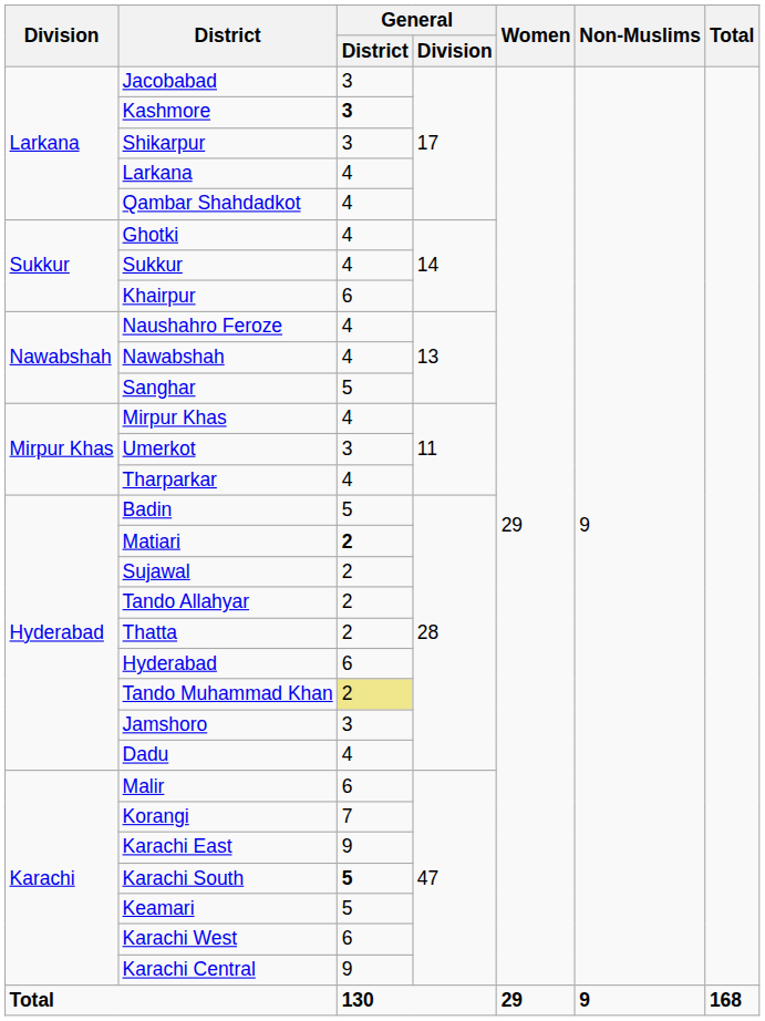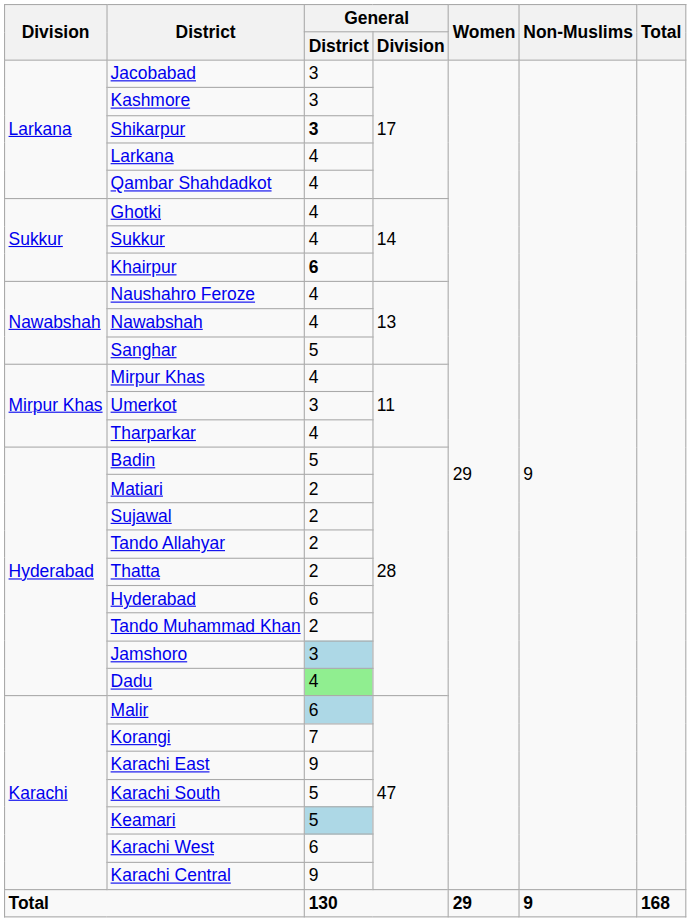 <table class="wikitable">
 <tr>
 <th rowspan="2">Division</th>
 <th rowspan="2">District</th>
 <th colspan="2">General</th>
 <th rowspan="2">Women</th>
 <th rowspan="2">Non-Muslims</th>
 <th rowspan="2"><strong>Total</strong></th>
 </tr>
 <tr>
 <th>District</th>
 <th>Division</th>
 </tr>
 <tr>
 <td rowspan="5"><a href='#'>Larkana</a></td>
 <td><a href='#'>Jacobabad</a></td>
 <td>3</td>
 <td rowspan="5">17</td>
 <td rowspan="30">29</td>
 <td rowspan="30">9</td>
 <td rowspan="30"></td>
 </tr>
 <tr>
 <td><a href='#'>Kashmore</a></td>
-<td><strong>3</strong></td>
+<td>3</td>
 </tr>
 <tr>
 <td><a href='#'>Shikarpur</a></td>
-<td>3</td>
+<td><strong>3</strong></td>
 </tr>
 <tr>
 <td><a href='#'>Larkana</a></td>
 <td>4</td>
 </tr>
 <tr>
 <td><a href='#'>Qambar Shahdadkot</a></td>
 <td>4</td>
 </tr>
 <tr>
 <td rowspan="3"><a href='#'>Sukkur</a></td>
 <td><a href='#'>Ghotki</a></td>
 <td>4</td>
 <td rowspan="3">14</td>
 </tr>
 <tr>
 <td><a href='#'>Sukkur</a></td>
 <td>4</td>
 </tr>
 <tr>
 <td><a href='#'>Khairpur</a></td>
-<td>6</td>
+<td><strong>6</strong></td>
 </tr>
 <tr>
 <td rowspan="3"><a href='#'>Nawabshah</a></td>
 <td><a href='#'>Naushahro Feroze</a></td>
 <td>4</td>
 <td rowspan="3">13</td>
 </tr>
 <tr>
 <td><a href='#'>Nawabshah</a></td>
 <td>4</td>
 </tr>
 <tr>
 <td><a href='#'>Sanghar</a></td>
 <td>5</td>
 </tr>
 <tr>
 <td rowspan="3"><a href='#'>Mirpur Khas</a></td>
 <td><a href='#'>Mirpur Khas</a></td>
 <td>4</td>
 <td rowspan="3">11</td>
 </tr>
 <tr>
 <td><a href='#'>Umerkot</a></td>
 <td>3</td>
 </tr>
 <tr>
 <td><a href='#'>Tharparkar</a></td>
 <td>4</td>
 </tr>
 <tr>
 <td rowspan="9"><a href='#'>Hyderabad</a></td>
 <td><a href='#'>Badin</a></td>
 <td>5</td>
 <td rowspan="9">28</td>
 </tr>
 <tr>
 <td><a href='#'>Matiari</a></td>
-<td><strong>2</strong></td>
+<td>2</td>
 </tr>
 <tr>
 <td><a href='#'>Sujawal</a></td>
 <td>2</td>
 </tr>
 <tr>
 <td><a href='#'>Tando Allahyar</a></td>
 <td>2</td>
 </tr>
 <tr>
 <td><a href='#'>Thatta</a></td>
 <td>2</td>
 </tr>
 <tr>
 <td><a href='#'>Hyderabad</a></td>
 <td>6</td>
 </tr>
 <tr>
 <td><a href='#'>Tando Muhammad Khan</a></td>
-<td style="background: khaki;">2</td>
+<td>2</td>
 </tr>
 <tr>
 <td><a href='#'>Jamshoro</a></td>
-<td>3</td>
+<td style="background: lightblue;">3</td>
 </tr>
 <tr>
 <td><a href='#'>Dadu</a></td>
-<td>4</td>
+<td style="background: lightgreen;">4</td>
 </tr>
 <tr>
 <td rowspan="7"><a href='#'>Karachi</a></td>
 <td><a href='#'>Malir</a></td>
-<td>6</td>
+<td style="background: lightblue;">6</td>
 <td rowspan="7">47</td>
 </tr>
 <tr>
 <td><a href='#'>Korangi</a></td>
 <td>7</td>
 </tr>
 <tr>
 <td><a href='#'>Karachi East</a></td>
 <td>9</td>
 </tr>
 <tr>
 <td><a href='#'>Karachi South</a></td>
-<td><strong>5</strong></td>
+<td>5</td>
 </tr>
 <tr>
 <td><a href='#'>Keamari</a></td>
-<td>5</td>
+<td style="background: lightblue;">5</td>
 </tr>
 <tr>
 <td><a href='#'>Karachi West</a></td>
 <td>6</td>
 </tr>
 <tr>
 <td><a href='#'>Karachi Central</a></td>
 <td>9</td>
 </tr>
 <tr>
 <td colspan="2"><strong>Total</strong></td>
 <td colspan="2"><strong>130</strong></td>
 <td><strong>29</strong></td>
 <td><strong>9</strong></td>
 <td><strong>168</strong></td>
 </tr>
 </table>
